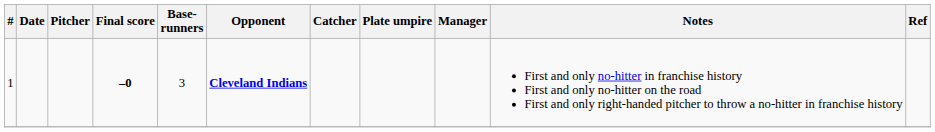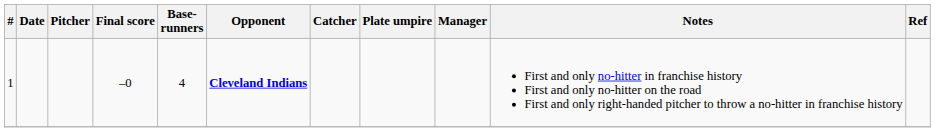 <table class="wikitable sortable" style="text-align:center; border:1">
 <tr>
 <th>#</th>
 <th>Date</th>
 <th>Pitcher</th>
 <th>Final score</th>
 <th>Base-<br>runners</th>
 <th>Opponent</th>
 <th>Catcher</th>
 <th>Plate umpire</th>
 <th>Manager</th>
 <th class="unsortable">Notes</th>
 <th class="unsortable">Ref</th>
 </tr>
 <tr>
 <td>1</td>
 <td></td>
 <td></td>
-<td><strong>–0</strong></td>
-<td>3</td>
+<td>–0</td>
+<td>4</td>
 <td><strong><a href='#'>Cleveland Indians</a></strong></td>
 <td></td>
 <td></td>
 <td></td>
 <td align="left"><br><ul><li>First and only <a href='#'>no-hitter</a> in franchise history</li><li>First and only no-hitter on the road</li><li>First and only right-handed pitcher to throw a no-hitter in franchise history</li></ul></td>
 <td></td>
 </tr>
 <tr>
 </tr>
 </table>
